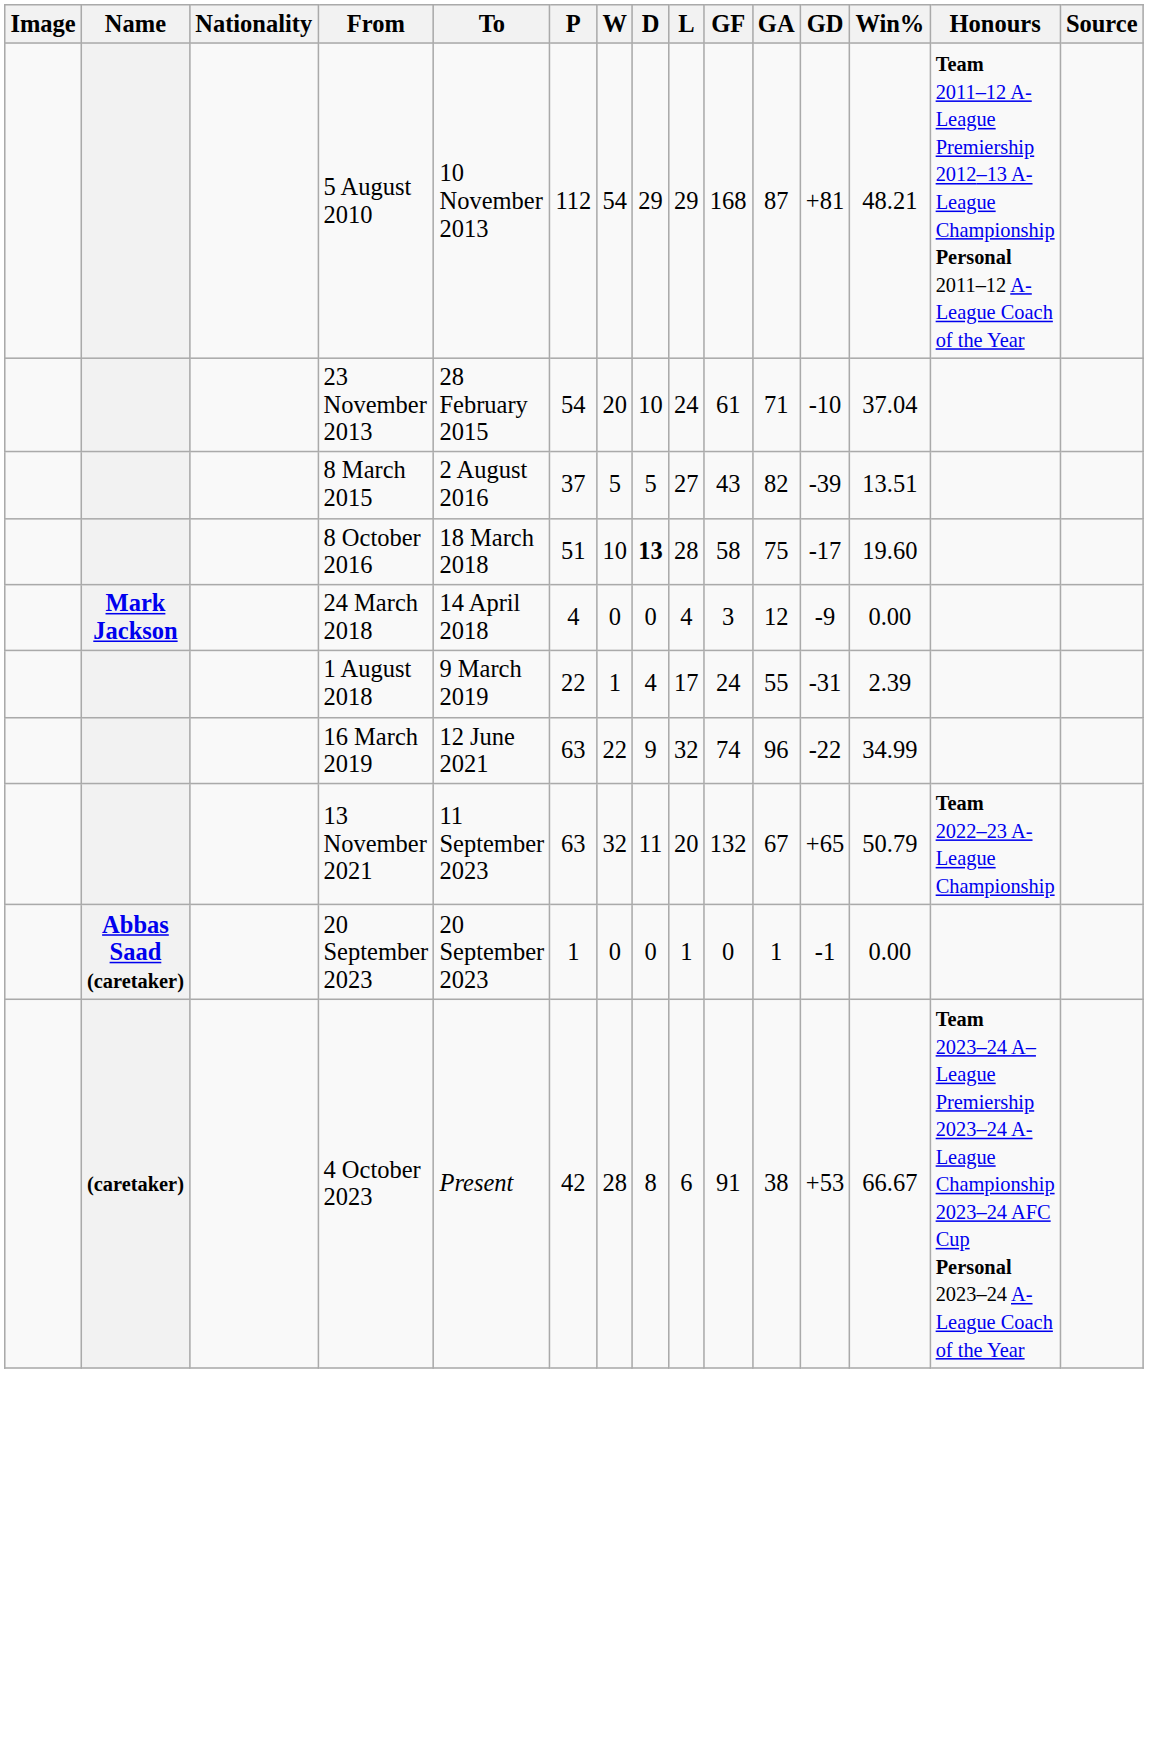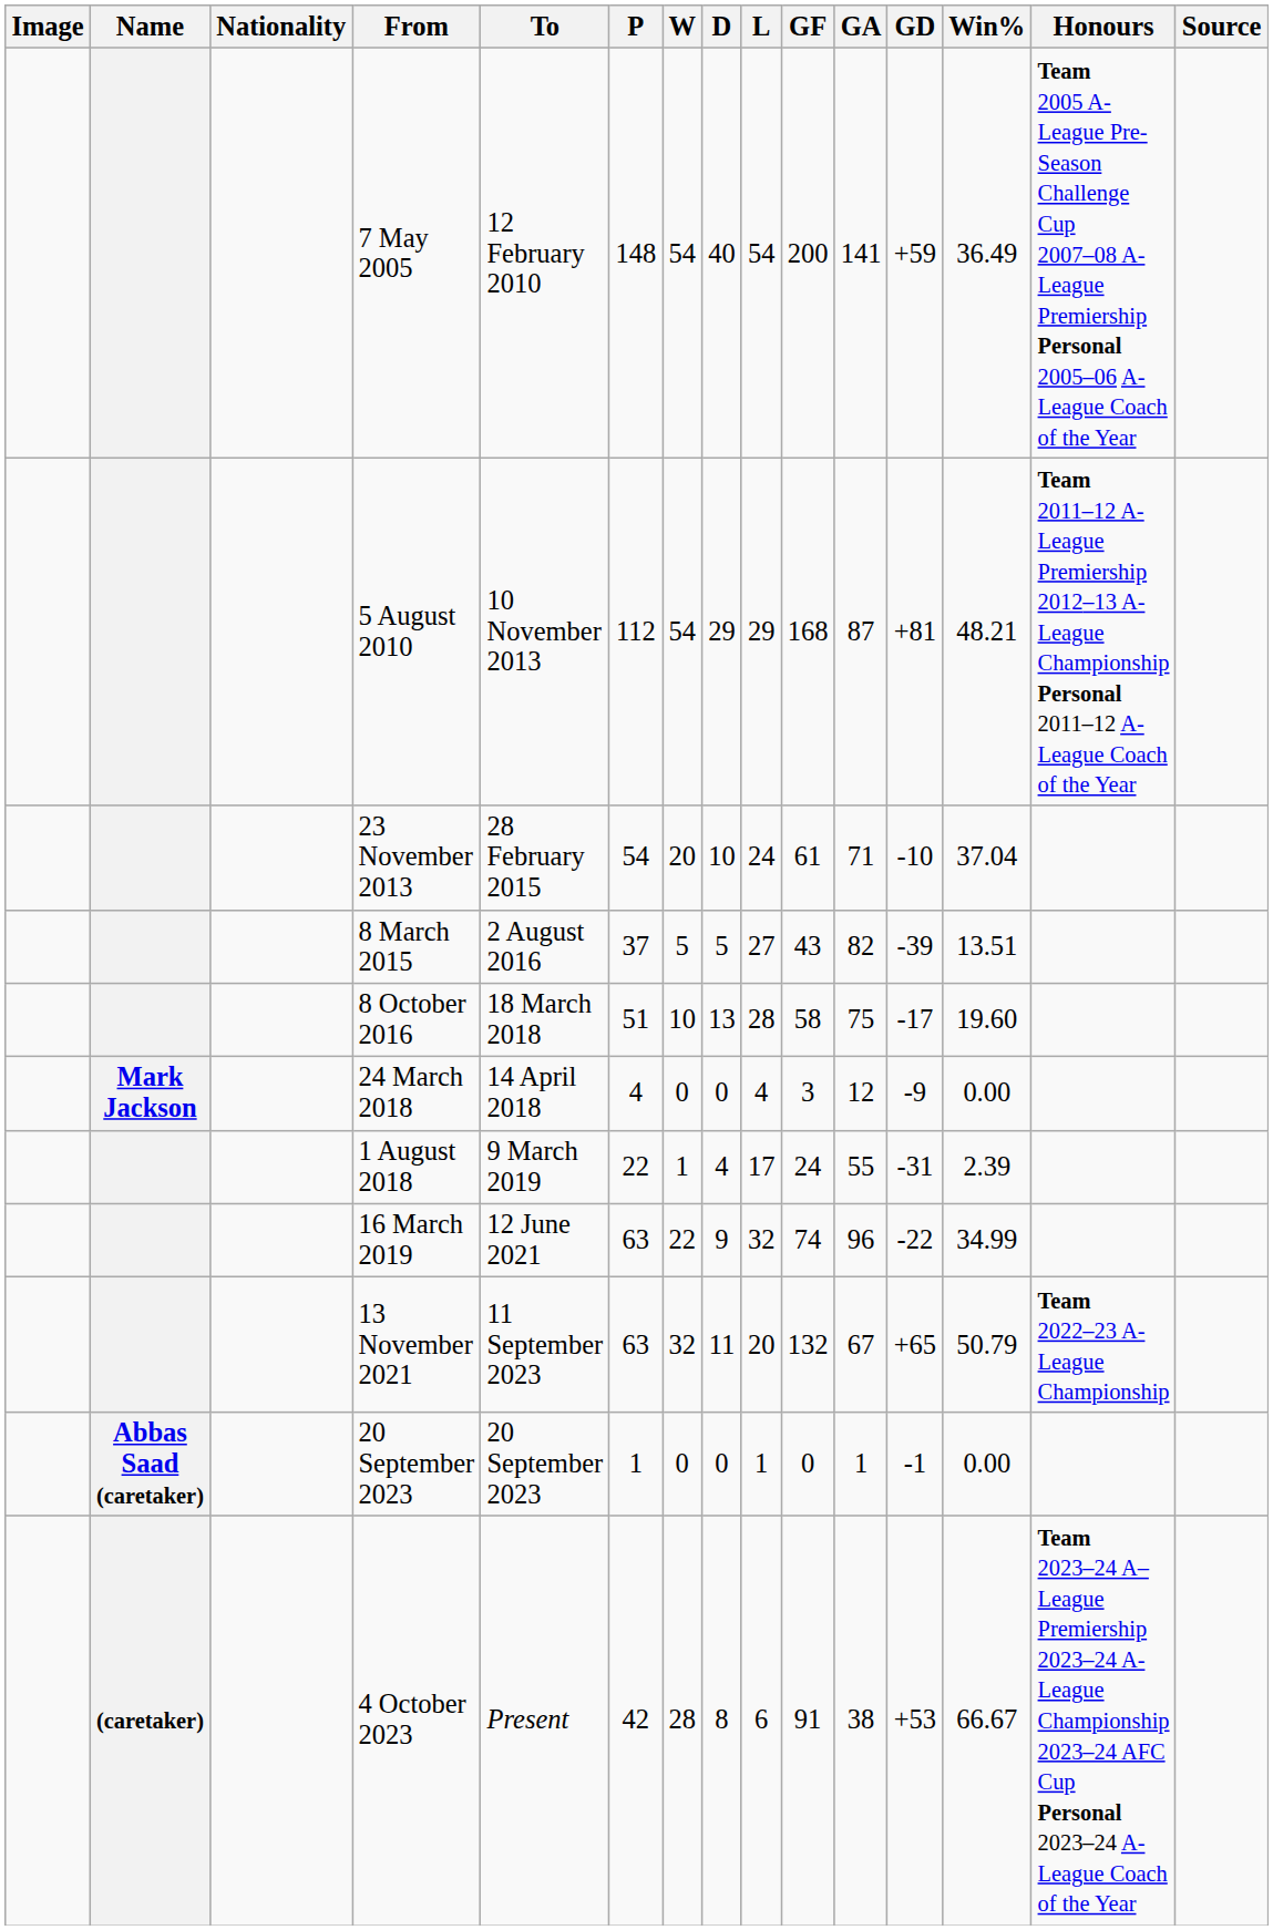 <table class="wikitable plainrowheaders sortable">
 <tr>
 <th>Image</th>
 <th scope="col">Name</th>
 <th scope="col">Nationality</th>
 <th scope="col">From</th>
 <th scope="col">To</th>
 <th scope="col">P</th>
 <th scope="col">W</th>
 <th scope="col">D</th>
 <th scope="col">L</th>
 <th scope="col">GF</th>
 <th scope="col">GA</th>
 <th scope="col">GD</th>
 <th scope="col">Win%</th>
 <th scope="col">Honours</th>
 <th>Source</th>
+</tr>
+<tr>
+<td align="center"></td>
+<th scope="row"></th>
+<td></td>
+<td>7 May 2005</td>
+<td>12 February 2010</td>
+<td align="center">148</td>
+<td align="center">54</td>
+<td align="center">40</td>
+<td align="center">54</td>
+<td align="center">200</td>
+<td align="center">141</td>
+<td align="center">+59</td>
+<td align="center">36.49</td>
+<td><strong><small>Team</small></strong><br><small><a href='#'>2005 A-League Pre-Season Challenge Cup</a></small><br><a href='#'><small>2007–08 A-League Premiership</small></a><br><strong><small>Personal</small></strong><br><small><a href='#'>2005–06</a> <a href='#'>A-League Coach of the Year</a></small> <br></td>
+<td align="center"></td>
 </tr>
 <tr>
 <td align="center"></td>
 <th scope="row"></th>
 <td></td>
 <td>5 August 2010</td>
 <td>10 November 2013</td>
 <td align="center">112</td>
 <td align="center">54</td>
 <td align="center">29</td>
 <td align="center">29</td>
 <td align="center">168</td>
 <td align="center">87</td>
 <td align="center">+81</td>
 <td align="center">48.21</td>
 <td><strong><small>Team</small></strong><br><a href='#'><small>2011–12 A-League Premiership</small></a><br><a href='#'><small>2012</small><small>–13 A-League Championship</small></a><br><small><strong>Personal</strong></small><br><small>2011–12 <a href='#'>A-League Coach of the Year</a></small> <br></td>
 <td align="center"></td>
 </tr>
 <tr align="left">
 <td></td>
 <th scope="row"></th>
 <td></td>
 <td>23 November 2013</td>
 <td>28 February 2015</td>
 <td align="center">54</td>
 <td align="center">20</td>
 <td align="center">10</td>
 <td align="center">24</td>
 <td align="center">61</td>
 <td align="center">71</td>
 <td align="center">-10</td>
 <td align="center">37.04</td>
 <td></td>
 <td align="center"></td>
 </tr>
 <tr>
 <td></td>
 <th scope="row"></th>
 <td></td>
 <td>8 March 2015</td>
 <td>2 August 2016</td>
 <td align="center">37</td>
 <td align="center">5</td>
 <td align="center">5</td>
 <td align="center">27</td>
 <td align="center">43</td>
 <td align="center">82</td>
 <td align="center">-39</td>
 <td align="center">13.51</td>
 <td></td>
 <td align="center"></td>
 </tr>
 <tr>
 <td></td>
 <th scope="row"></th>
 <td></td>
 <td>8 October 2016</td>
 <td>18 March 2018</td>
 <td align="center">51</td>
 <td align="center">10</td>
-<td align="center"><strong>13</strong></td>
+<td align="center">13</td>
 <td align="center">28</td>
 <td align="center">58</td>
 <td align="center">75</td>
 <td align="center">-17</td>
 <td align="center">19.60</td>
 <td></td>
 <td align="center"></td>
 </tr>
 <tr>
 <td></td>
 <th scope="row"><a href='#'>Mark Jackson</a></th>
 <td></td>
 <td>24 March 2018</td>
 <td>14 April 2018</td>
 <td align="center">4</td>
 <td align="center">0</td>
 <td align="center">0</td>
 <td align="center">4</td>
 <td align="center">3</td>
 <td align="center">12</td>
 <td align="center">-9</td>
 <td align="center">0.00</td>
 <td></td>
 <td align="center"></td>
 </tr>
 <tr>
 <td></td>
 <th scope="row"></th>
 <td></td>
 <td>1 August 2018</td>
 <td>9 March 2019</td>
 <td align="center">22</td>
 <td align="center">1</td>
 <td align="center">4</td>
 <td align="center">17</td>
 <td align="center">24</td>
 <td align="center">55</td>
 <td align="center">-31</td>
 <td align="center">2.39</td>
 <td></td>
 <td align="center"></td>
 </tr>
 <tr>
 <td></td>
 <th scope="row"></th>
 <td></td>
 <td>16 March 2019</td>
 <td>12 June 2021</td>
 <td align="center">63</td>
 <td align="center">22</td>
 <td align="center">9</td>
 <td align="center">32</td>
 <td align="center">74</td>
 <td align="center">96</td>
 <td align="center">-22</td>
 <td align="center">34.99</td>
 <td></td>
 <td align="center"></td>
 </tr>
 <tr>
 <td></td>
 <th scope="row"></th>
 <td></td>
 <td>13 November 2021</td>
 <td>11 September 2023</td>
 <td align="center">63</td>
 <td align="center">32</td>
 <td align="center">11</td>
 <td align="center">20</td>
 <td align="center">132</td>
 <td align="center">67</td>
 <td align="center">+65</td>
 <td align="center">50.79</td>
 <td><strong><small>Team</small></strong><br><small><a href='#'>2022–23 A-League Championship</a></small></td>
 <td align="center"></td>
 </tr>
 <tr>
 <td></td>
 <th scope="row"><a href='#'>Abbas Saad</a> <small>(caretaker)</small></th>
 <td></td>
 <td>20 September 2023</td>
 <td>20 September 2023</td>
 <td align="center">1</td>
 <td align="center">0</td>
 <td align="center">0</td>
 <td align="center">1</td>
 <td align="center">0</td>
 <td align="center">1</td>
 <td align="center">-1</td>
 <td align="center">0.00</td>
 <td></td>
 <td></td>
 </tr>
 <tr>
 <td></td>
 <th scope="row"> <small>(caretaker)</small></th>
 <td></td>
 <td>4 October 2023</td>
 <td><em>Present</em></td>
 <td align="center">42</td>
 <td align="center">28</td>
 <td align="center">8</td>
 <td align="center">6</td>
 <td align="center">91</td>
 <td align="center">38</td>
 <td align="center">+53</td>
 <td align="center">66.67</td>
 <td><strong><small>Team</small></strong><br><small><a href='#'>2023–24 A–League Premiership</a></small><br><small><a href='#'>2023–24 A-League Championship</a></small><br><small><a href='#'>2023–24 AFC Cup</a></small><br><small><strong>Personal</strong></small><br><small>2023–24 <a href='#'>A-League Coach of the Year</a></small></td>
 <td></td>
 </tr>
 </table>
